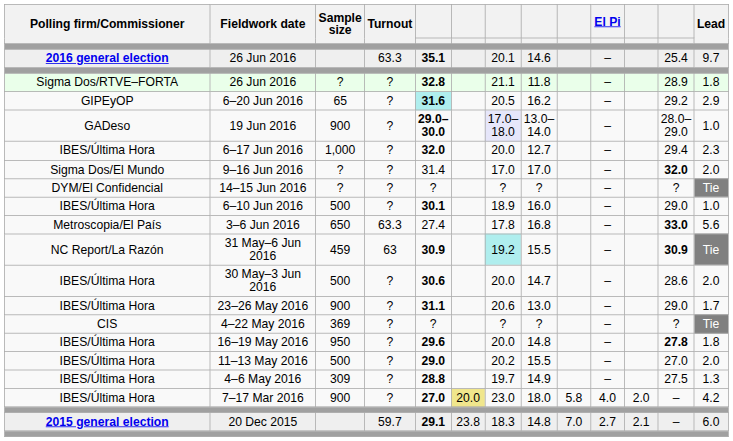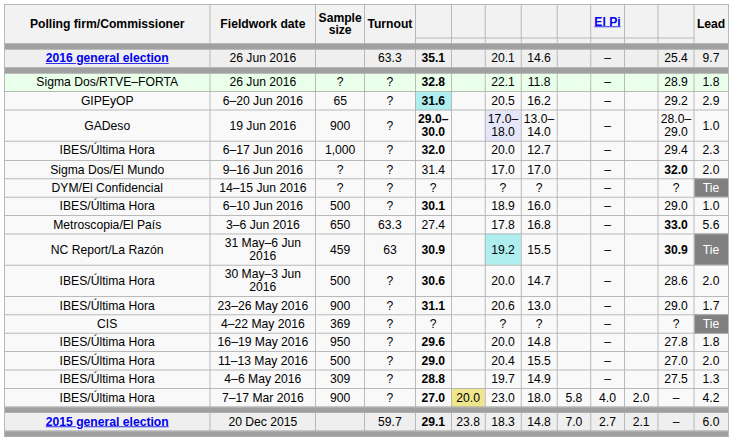 <table class="wikitable collapsible collapsed" style="text-align:center; font-size:95%; line-height:16px;">
 <tr style="height:42px; background-color:#E9E9E9">
 <th style="width:250px;" rowspan="2">Polling firm/Commissioner</th>
 <th style="width:125px;" rowspan="2">Fieldwork date</th>
 <th style="width:50px;" rowspan="2">Sample size</th>
 <th style="width:45px;" rowspan="2">Turnout</th>
 <th style="width:35px;"></th>
 <th style="width:35px;"></th>
 <th style="width:35px;"></th>
 <th style="width:35px;"></th>
 <th style="width:35px;"></th>
 <th style="width:35px;"><a href='#'>El Pi</a></th>
 <th style="width:35px;"></th>
 <th style="width:35px;"></th>
 <th style="width:30px;" rowspan="2">Lead</th>
 </tr>
 <tr>
 <th style="color:inherit;background:"></th>
 <th style="color:inherit;background:"></th>
 <th style="color:inherit;background:"></th>
 <th style="color:inherit;background:"></th>
 <th style="color:inherit;background:"></th>
 <th style="color:inherit;background:"></th>
 <th style="color:inherit;background:"></th>
 <th style="color:inherit;background:"></th>
 </tr>
 <tr>
 <td colspan="13" style="background:#A0A0A0"></td>
 </tr>
 <tr style="background:#EFEFEF;">
 <td><strong><a href='#'>2016 general election</a></strong></td>
 <td>26 Jun 2016</td>
 <td></td>
 <td>63.3</td>
 <td><strong>35.1</strong><br></td>
 <td></td>
 <td>20.1<br></td>
 <td>14.6<br></td>
 <td></td>
 <td>–</td>
 <td></td>
 <td>25.4<br></td>
 <td style="background:">9.7</td>
 </tr>
 <tr>
 <td colspan="13" style="background:#A0A0A0"></td>
 </tr>
 <tr style="background:#EAFFEA;">
 <td>Sigma Dos/RTVE–FORTA</td>
 <td>26 Jun 2016</td>
 <td>?</td>
 <td>?</td>
 <td><strong>32.8</strong><br></td>
 <td></td>
-<td>21.1<br></td>
+<td>22.1<br></td>
 <td>11.8<br></td>
 <td></td>
 <td>–</td>
 <td></td>
 <td>28.9<br></td>
 <td style="background:">1.8</td>
 </tr>
 <tr>
 <td>GIPEyOP</td>
 <td>6–20 Jun 2016</td>
 <td>65</td>
 <td>?</td>
 <td style="background: paleturquoise;"><strong>31.6</strong><br></td>
 <td></td>
 <td>20.5<br></td>
 <td>16.2<br></td>
 <td></td>
 <td>–</td>
 <td></td>
 <td>29.2<br></td>
 <td style="background:">2.9</td>
 </tr>
 <tr>
 <td>GADeso</td>
 <td>19 Jun 2016</td>
 <td>900</td>
 <td>?</td>
 <td><strong>29.0–<br>30.0</strong><br></td>
 <td></td>
 <td style="background: lavender;">17.0–<br>18.0<br></td>
 <td>13.0–<br>14.0<br></td>
 <td></td>
 <td>–</td>
 <td></td>
 <td>28.0–<br>29.0<br></td>
 <td style="background:">1.0</td>
 </tr>
 <tr>
 <td>IBES/Última Hora</td>
 <td>6–17 Jun 2016</td>
 <td>1,000</td>
 <td>?</td>
 <td><strong>32.0</strong><br></td>
 <td></td>
 <td>20.0<br></td>
 <td>12.7<br></td>
 <td></td>
 <td>–</td>
 <td></td>
 <td>29.4<br></td>
 <td style="background:">2.3</td>
 </tr>
 <tr>
 <td>Sigma Dos/El Mundo</td>
 <td>9–16 Jun 2016</td>
 <td>?</td>
 <td>?</td>
 <td>31.4<br></td>
 <td></td>
 <td>17.0<br></td>
 <td>17.0<br></td>
 <td></td>
 <td>–</td>
 <td></td>
 <td><strong>32.0</strong><br></td>
 <td style="background:">2.0</td>
 </tr>
 <tr>
 <td>DYM/El Confidencial</td>
 <td>14–15 Jun 2016</td>
 <td>?</td>
 <td>?</td>
 <td>?<br></td>
 <td></td>
 <td>?<br></td>
 <td>?<br></td>
 <td></td>
 <td>–</td>
 <td></td>
 <td>?<br></td>
 <td style="background:gray;color:white;">Tie</td>
 </tr>
 <tr>
 <td>IBES/Última Hora</td>
 <td>6–10 Jun 2016</td>
 <td>500</td>
 <td>?</td>
 <td><strong>30.1</strong><br></td>
 <td></td>
 <td>18.9<br></td>
 <td>16.0<br></td>
 <td></td>
 <td>–</td>
 <td></td>
 <td>29.0<br></td>
 <td style="background:">1.0</td>
 </tr>
 <tr>
 <td>Metroscopia/El País</td>
 <td>3–6 Jun 2016</td>
 <td>650</td>
 <td>63.3</td>
 <td>27.4<br></td>
 <td></td>
 <td>17.8<br></td>
 <td>16.8<br></td>
 <td></td>
 <td>–</td>
 <td></td>
 <td><strong>33.0</strong><br></td>
 <td style="background:">5.6</td>
 </tr>
 <tr>
 <td>NC Report/La Razón</td>
 <td>31 May–6 Jun 2016</td>
 <td>459</td>
 <td>63</td>
 <td><strong>30.9</strong><br></td>
 <td></td>
 <td style="background: paleturquoise;">19.2<br></td>
 <td>15.5<br></td>
 <td></td>
 <td>–</td>
 <td></td>
 <td><strong>30.9</strong><br></td>
 <td style="background:gray;color:white;">Tie</td>
 </tr>
 <tr>
 <td>IBES/Última Hora</td>
 <td>30 May–3 Jun 2016</td>
 <td>500</td>
 <td>?</td>
 <td><strong>30.6</strong><br></td>
 <td></td>
 <td>20.0<br></td>
 <td>14.7<br></td>
 <td></td>
 <td>–</td>
 <td></td>
 <td>28.6<br></td>
 <td style="background:">2.0</td>
 </tr>
 <tr>
 <td>IBES/Última Hora</td>
 <td>23–26 May 2016</td>
 <td>900</td>
 <td>?</td>
 <td><strong>31.1</strong><br></td>
 <td></td>
 <td>20.6<br></td>
 <td>13.0<br></td>
 <td></td>
 <td>–</td>
 <td></td>
 <td>29.0<br></td>
 <td style="background:">1.7</td>
 </tr>
 <tr>
 <td>CIS</td>
 <td>4–22 May 2016</td>
 <td>369</td>
 <td>?</td>
 <td>?<br></td>
 <td></td>
 <td>?<br></td>
 <td>?<br></td>
 <td></td>
 <td>–</td>
 <td></td>
 <td>?<br></td>
 <td style="background:gray;color:white;">Tie</td>
 </tr>
 <tr>
 <td>IBES/Última Hora</td>
 <td>16–19 May 2016</td>
 <td>950</td>
 <td>?</td>
 <td><strong>29.6</strong><br></td>
 <td></td>
 <td>20.0<br></td>
 <td>14.8<br></td>
 <td></td>
 <td>–</td>
 <td></td>
-<td><strong>27.8<br></strong></td>
+<td>27.8<br></td>
 <td style="background:">1.8</td>
 </tr>
 <tr>
 <td>IBES/Última Hora</td>
 <td>11–13 May 2016</td>
 <td>500</td>
 <td>?</td>
 <td><strong>29.0</strong><br></td>
 <td></td>
-<td>20.2<br></td>
+<td>20.4<br></td>
 <td>15.5<br></td>
 <td></td>
 <td>–</td>
 <td></td>
 <td>27.0<br></td>
 <td style="background:">2.0</td>
 </tr>
 <tr>
 <td>IBES/Última Hora</td>
 <td>4–6 May 2016</td>
 <td>309</td>
 <td>?</td>
 <td><strong>28.8</strong><br></td>
 <td></td>
 <td>19.7<br></td>
 <td>14.9<br></td>
 <td></td>
 <td>–</td>
 <td></td>
 <td>27.5<br></td>
 <td style="background:">1.3</td>
 </tr>
 <tr>
 <td>IBES/Última Hora</td>
 <td>7–17 Mar 2016</td>
 <td>900</td>
 <td>?</td>
 <td><strong>27.0</strong><br></td>
 <td style="background: khaki;">20.0<br></td>
 <td>23.0<br></td>
 <td>18.0<br></td>
 <td>5.8<br></td>
 <td>4.0<br></td>
 <td>2.0<br></td>
 <td>–</td>
 <td style="background:">4.2</td>
 </tr>
 <tr>
 <td colspan="13" style="background:#A0A0A0"></td>
 </tr>
 <tr style="background:#EFEFEF;">
 <td><strong><a href='#'>2015 general election</a></strong></td>
 <td>20 Dec 2015</td>
 <td></td>
 <td>59.7</td>
 <td><strong>29.1</strong><br></td>
 <td>23.8<br></td>
 <td>18.3<br></td>
 <td>14.8<br></td>
 <td>7.0<br></td>
 <td>2.7<br></td>
 <td>2.1<br></td>
 <td>–</td>
 <td style="background:">6.0</td>
 </tr>
 <tr>
 <td colspan="13" style="background:#A0A0A0"></td>
 </tr>
 </table>
